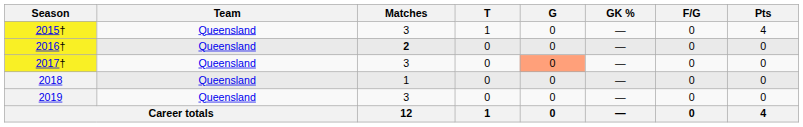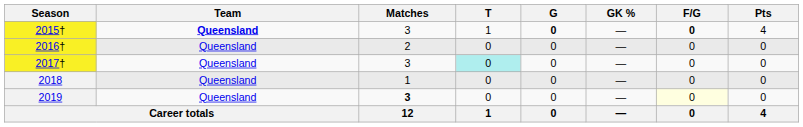 <table class="wikitable sortable"  style="font-size:90%; text-align:center; width:85%;">
 <tr>
 <th width=2%>Season</th>
 <th width=8%>Team</th>
 <th width=2%>Matches</th>
 <th width=2%>T</th>
 <th width=2%>G</th>
 <th width=2%>GK %</th>
 <th width=2%>F/G</th>
 <th width=2%>Pts</th>
 </tr>
 <tr>
 <th scope="row" style="text-align:center; background:#f9f025; font-weight:normal"><a href='#'>2015</a>†</th>
-<td style="text-align:center;"> <a href='#'>Queensland</a></td>
+<td style="text-align:center;"><strong> <a href='#'>Queensland</a></strong></td>
 <td>3</td>
 <td>1</td>
-<td>0</td>
+<td><strong>0</strong></td>
 <td>—</td>
-<td>0</td>
+<td><strong>0</strong></td>
 <td>4</td>
 </tr>
 <tr style="background:#eaeaea;">
 <th scope="row" style="text-align:center; background:#f9f025; font-weight:normal"><a href='#'>2016</a>†</th>
 <td style="text-align:center;"> <a href='#'>Queensland</a></td>
-<td><strong>2</strong></td>
+<td>2</td>
 <td>0</td>
 <td>0</td>
 <td>—</td>
 <td>0</td>
 <td>0</td>
 </tr>
 <tr>
 <th scope="row" style="text-align:center; background:#f9f025; font-weight:normal"><a href='#'>2017</a>†</th>
 <td style="text-align:center;"> <a href='#'>Queensland</a></td>
 <td>3</td>
+<td style="background: paleturquoise;">0</td>
 <td>0</td>
-<td style="background: lightsalmon;">0</td>
 <td>—</td>
 <td>0</td>
 <td>0</td>
 </tr>
 <tr style="background:#eaeaea;">
 <th scope="row" style="text-align:center; font-weight:normal"><a href='#'>2018</a></th>
 <td style="text-align:center;"> <a href='#'>Queensland</a></td>
 <td>1</td>
 <td>0</td>
 <td>0</td>
 <td>—</td>
 <td>0</td>
 <td>0</td>
 </tr>
 <tr>
 <th scope="row" style="text-align:center; font-weight:normal"><a href='#'>2019</a></th>
 <td style="text-align:center;"> <a href='#'>Queensland</a></td>
-<td>3</td>
+<td><strong>3</strong></td>
 <td>0</td>
 <td>0</td>
 <td>—</td>
-<td>0</td>
+<td style="background: lightyellow;">0</td>
 <td>0</td>
 </tr>
 <tr class="sortbottom">
 <th colspan=2>Career totals</th>
 <th>12</th>
 <th>1</th>
 <th>0</th>
 <th>—</th>
 <th>0</th>
 <th>4</th>
 </tr>
 </table>
